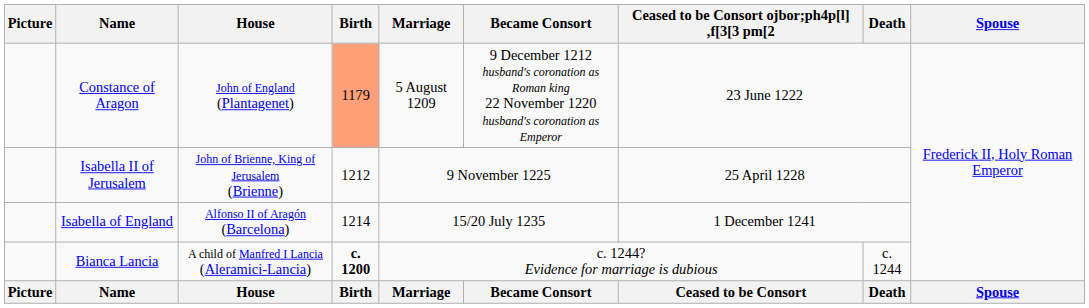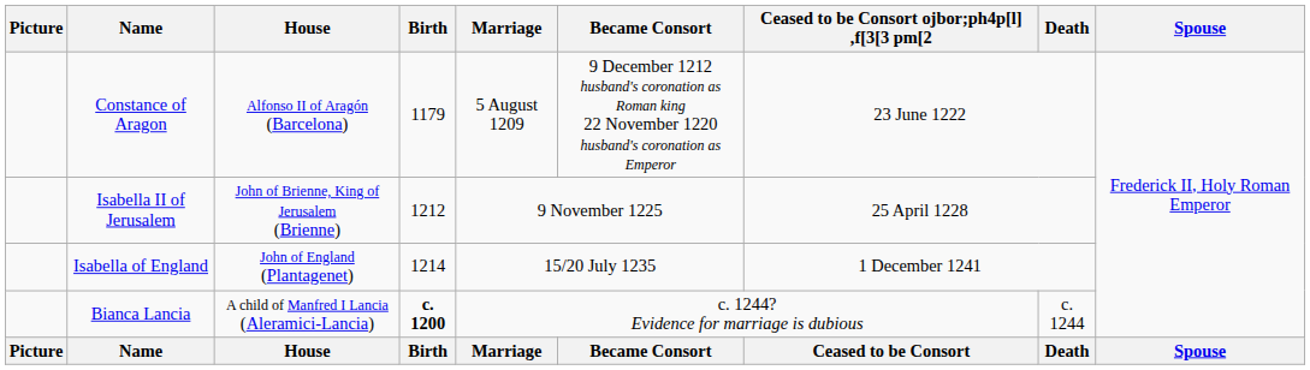 <table width=95% class="wikitable">
 <tr>
 <th>Picture</th>
 <th>Name</th>
 <th>House</th>
 <th>Birth</th>
 <th>Marriage</th>
 <th>Became Consort</th>
 <th>Ceased to be Consort ojbor;ph4p[l] ,f[3[3 pm[2</th>
 <th>Death</th>
 <th><a href='#'>Spouse</a></th>
 </tr>
 <tr>
 <td align="center"></td>
 <td align="center"><a href='#'>Constance of Aragon</a></td>
-<td align="center"><small><a href='#'>John of England</a></small><br>(<a href='#'>Plantagenet</a>)</td>
-<td align="center" style="background: lightsalmon;">1179</td>
+<td align="center"><small><a href='#'>Alfonso II of Aragón</a></small><br>(<a href='#'>Barcelona</a>)</td>
+<td align="center">1179</td>
 <td align="center">5 August 1209</td>
 <td align="center">9 December 1212<br><small><em>husband's coronation as Roman king</em></small><br>22 November 1220<br><small><em>husband's coronation as Emperor</em></small></td>
 <td align="center" colspan="2">23 June 1222</td>
 <td align="center" rowspan="4"><a href='#'>Frederick II, Holy Roman Emperor</a></td>
 </tr>
 <tr>
 <td align=center></td>
 <td align=center><a href='#'>Isabella II of Jerusalem</a></td>
 <td align="center"><small><a href='#'>John of Brienne, King of Jerusalem</a></small><br>(<a href='#'>Brienne</a>)</td>
 <td align="center">1212</td>
 <td align="center" colspan="2">9 November 1225</td>
 <td align="center" colspan="2">25 April 1228</td>
 </tr>
 <tr>
 <td align=center></td>
 <td align=center><a href='#'>Isabella of England</a></td>
-<td align="center"><small><a href='#'>Alfonso II of Aragón</a></small><br>(<a href='#'>Barcelona</a>)</td>
+<td align="center"><small><a href='#'>John of England</a></small><br>(<a href='#'>Plantagenet</a>)</td>
 <td align="center">1214</td>
 <td align="center" colspan="2">15/20 July 1235</td>
 <td align="center" colspan="2">1 December 1241</td>
 </tr>
 <tr>
 <td align=center></td>
 <td align=center><a href='#'>Bianca Lancia</a></td>
 <td align=center><small>A child of <a href='#'>Manfred I Lancia</a></small><br>(<a href='#'>Aleramici-Lancia</a>)</td>
 <td align=center><strong>c. 1200</strong></td>
 <td align="center" colspan="3">c. 1244?<br><em>Evidence for marriage is dubious</em></td>
 <td align=center>c. 1244</td>
 </tr>
 <tr>
 <th>Picture</th>
 <th>Name</th>
 <th>House</th>
 <th>Birth</th>
 <th>Marriage</th>
 <th>Became Consort</th>
 <th>Ceased to be Consort</th>
 <th>Death</th>
 <th><a href='#'>Spouse</a></th>
 </tr>
 </table>
